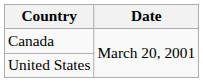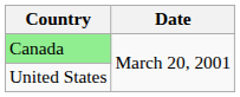 <table class="wikitable">
 <tr>
 <th>Country</th>
 <th>Date</th>
 </tr>
 <tr>
-<td>Canada</td>
+<td style="background: lightgreen;">Canada</td>
 <td rowspan="2">March 20, 2001</td>
 </tr>
 <tr>
 <td>United States</td>
 </tr>
 </table>
